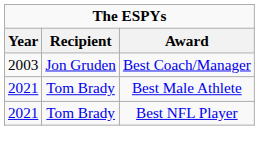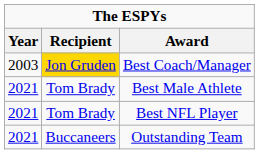 <table class="wikitable" style="text-align:center">
 <tr>
 <td colspan="3"><strong>The ESPYs</strong></td>
 </tr>
 <tr>
 <th>Year</th>
 <th>Recipient</th>
 <th>Award</th>
 </tr>
 <tr>
 <td>2003</td>
-<td><a href='#'>Jon Gruden</a></td>
+<td style="background: gold;"><a href='#'>Jon Gruden</a></td>
 <td><a href='#'>Best Coach/Manager</a></td>
 </tr>
 <tr>
 <td><a href='#'>2021</a></td>
 <td><a href='#'>Tom Brady</a></td>
 <td><a href='#'>Best Male Athlete</a></td>
 </tr>
 <tr>
 <td><a href='#'>2021</a></td>
 <td><a href='#'>Tom Brady</a></td>
 <td><a href='#'>Best NFL Player</a></td>
 </tr>
+<tr>
+<td><a href='#'>2021</a></td>
+<td><a href='#'>Buccaneers</a></td>
+<td><a href='#'>Outstanding Team</a></td>
+</tr>
 </table>
